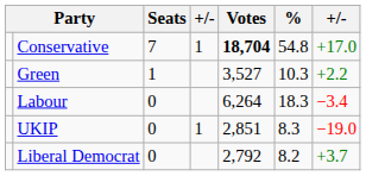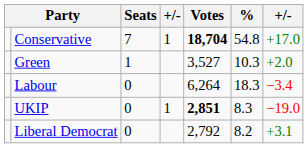 <table class="wikitable sortable">
 <tr>
 <th colspan="2">Party</th>
 <th>Seats</th>
 <th>+/-</th>
 <th>Votes</th>
 <th>%</th>
 <th>+/-</th>
 </tr>
 <tr>
 <td style="background-color: "></td>
 <td><a href='#'>Conservative</a></td>
 <td>7</td>
 <td> 1</td>
 <td><strong>18,704</strong></td>
 <td>54.8</td>
 <td style="color:green">+17.0</td>
 </tr>
 <tr>
 <td style="background-color: "></td>
 <td><a href='#'>Green</a></td>
 <td>1</td>
 <td></td>
 <td>3,527</td>
 <td>10.3</td>
-<td style="color:green">+2.2</td>
+<td style="color:green">+2.0</td>
 </tr>
 <tr>
 <td style="background-color: "></td>
 <td><a href='#'>Labour</a></td>
 <td>0</td>
 <td></td>
 <td>6,264</td>
 <td>18.3</td>
 <td style="color:red">−3.4</td>
 </tr>
 <tr>
 <td style="background-color: "></td>
 <td><a href='#'>UKIP</a></td>
 <td>0</td>
 <td> 1</td>
-<td>2,851</td>
+<td><strong>2,851</strong></td>
 <td>8.3</td>
 <td style="color:red">−19.0</td>
 </tr>
 <tr>
 <td style="background-color: "></td>
 <td><a href='#'>Liberal Democrat</a></td>
 <td>0</td>
 <td></td>
 <td>2,792</td>
 <td>8.2</td>
-<td style="color:green">+3.7</td>
+<td style="color:green">+3.1</td>
 </tr>
 </table>
